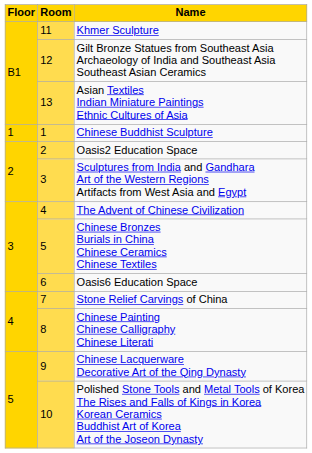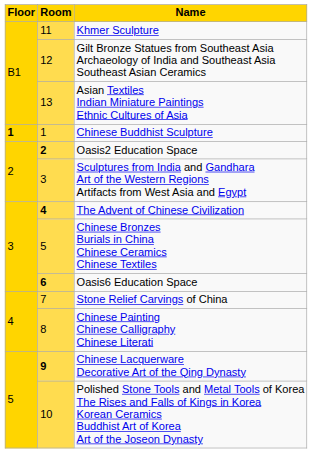 <table class="wikitable" style="margin-left: auto; margin-right: auto; border: none;">
 <tr>
 <th style="background-color: #FFD500; color:black;">Floor</th>
 <th style="background-color: #FFD500; color:black;">Room</th>
 <th style="background-color: #FFD500; color:black;">Name</th>
 </tr>
 <tr>
 <td rowspan="3" style="background-color: #FFD500; color:black;">B1</td>
 <td style="background-color: #FFDC4F; color:black;">11</td>
 <td><a href='#'>Khmer Sculpture</a></td>
 </tr>
 <tr>
 <td style="background-color: #FFDC4F; color:black;">12</td>
 <td>Gilt Bronze Statues from Southeast Asia<br>Archaeology of India and Southeast Asia<br>Southeast Asian Ceramics</td>
 </tr>
 <tr>
 <td style="background-color: #FFDC4F; color:black;">13</td>
 <td>Asian <a href='#'>Textiles</a><br><a href='#'>Indian Miniature Paintings</a><br><a href='#'>Ethnic Cultures of Asia</a></td>
 </tr>
 <tr>
-<td style="background-color: #FFD500; color:black;">1</td>
+<td style="background-color: #FFD500; color:black;"><strong>1</strong></td>
 <td style="background-color: #FFDC4F; color:black;">1</td>
 <td><a href='#'>Chinese Buddhist Sculpture</a></td>
 </tr>
 <tr>
 <td rowspan="2" style="background-color: #FFD500; color:black;">2</td>
-<td style="background-color: #FFDC4F; color:black;">2</td>
+<td style="background-color: #FFDC4F; color:black;"><strong>2</strong></td>
 <td>Oasis2 Education Space</td>
 </tr>
 <tr>
 <td style="background-color: #FFDC4F; color:black;">3</td>
 <td><a href='#'>Sculptures from India</a> and <a href='#'>Gandhara</a><br><a href='#'>Art of the Western Regions</a><br>Artifacts from West Asia and <a href='#'>Egypt</a></td>
 </tr>
 <tr>
 <td rowspan="3" style="background-color: #FFD500; color:black;">3</td>
-<td style="background-color: #FFDC4F; color:black;">4</td>
+<td style="background-color: #FFDC4F; color:black;"><strong>4</strong></td>
 <td><a href='#'>The Advent of Chinese Civilization</a></td>
 </tr>
 <tr>
 <td style="background-color: #FFDC4F; color:black;">5</td>
 <td><a href='#'>Chinese Bronzes</a><br><a href='#'>Burials in China</a><br><a href='#'>Chinese Ceramics</a><br><a href='#'>Chinese Textiles</a></td>
 </tr>
 <tr>
-<td style="background-color: #FFDC4F; color:black;">6</td>
+<td style="background-color: #FFDC4F; color:black;"><strong>6</strong></td>
 <td>Oasis6 Education Space</td>
 </tr>
 <tr>
 <td rowspan="2" style="background-color: #FFD500; color:black;">4</td>
 <td style="background-color: #FFDC4F; color:black;">7</td>
 <td><a href='#'>Stone Relief Carvings</a> of China</td>
 </tr>
 <tr>
 <td style="background-color: #FFDC4F; color:black;">8</td>
 <td><a href='#'>Chinese Painting</a><br><a href='#'>Chinese Calligraphy</a><br><a href='#'>Chinese Literati</a></td>
 </tr>
 <tr>
 <td rowspan="2" style="background-color: #FFD500; color:black;">5</td>
-<td style="background-color: #FFDC4F; color:black;">9</td>
+<td style="background-color: #FFDC4F; color:black;"><strong>9</strong></td>
 <td><a href='#'>Chinese Lacquerware</a><br><a href='#'>Decorative Art of the Qing Dynasty</a></td>
 </tr>
 <tr>
 <td style="background-color: #FFDC4F; color:black;">10</td>
 <td>Polished <a href='#'>Stone Tools</a> and <a href='#'>Metal Tools</a> of Korea<br><a href='#'>The Rises and Falls of Kings in Korea</a><br><a href='#'>Korean Ceramics</a><br><a href='#'>Buddhist Art of Korea</a><br><a href='#'>Art of the Joseon Dynasty</a></td>
 </tr>
 <tr>
 </tr>
 </table>
